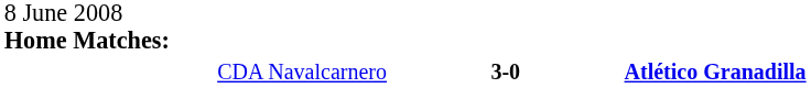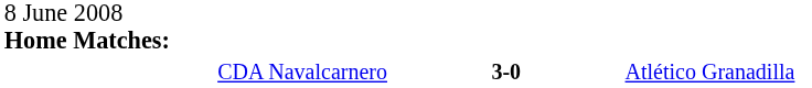 <table width=100% cellspacing=1>
 <tr>
 <th width=20%></th>
 <th width=12%></th>
 <th width=20%></th>
 <th></th>
 </tr>
 <tr>
 <td>8 June 2008<br><strong>Home Matches:</strong></td>
 </tr>
 <tr style=font-size:90%>
 <td align=right><a href='#'>CDA Navalcarnero</a></td>
 <td align=center><strong>3-0</strong></td>
-<td><strong><a href='#'>Atlético Granadilla</a></strong></td>
+<td><a href='#'>Atlético Granadilla</a></td>
 </tr>
 </table>
